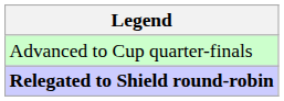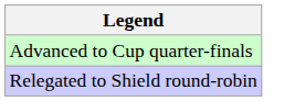 <table class="wikitable">
 <tr>
 <th>Legend</th>
 </tr>
 <tr bgcolor=ccffcc>
 <td>Advanced to Cup quarter-finals</td>
 </tr>
 <tr bgcolor=ccccff>
-<td><strong>Relegated to Shield round-robin</strong></td>
+<td>Relegated to Shield round-robin</td>
 </tr>
 </table>
